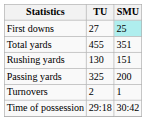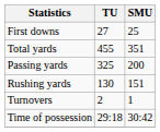 <table class="wikitable" style="float: left;">
 <tr>
 <th>Statistics</th>
 <th>TU</th>
 <th>SMU</th>
 </tr>
 <tr>
 <td>First downs</td>
 <td>27</td>
-<td style="background: paleturquoise;">25</td>
+<td>25</td>
 </tr>
 <tr>
 <td>Total yards</td>
 <td>455</td>
 <td>351</td>
 </tr>
 <tr>
+<td>Passing yards</td>
+<td>325</td>
+<td>200</td>
+</tr>
+<tr>
 <td>Rushing yards</td>
 <td>130</td>
 <td>151</td>
-</tr>
-<tr>
-<td>Passing yards</td>
-<td>325</td>
-<td>200</td>
 </tr>
 <tr>
 <td>Turnovers</td>
 <td>2</td>
 <td>1</td>
 </tr>
 <tr>
 <td>Time of possession</td>
 <td>29:18</td>
 <td>30:42</td>
 </tr>
 <tr>
 </tr>
 </table>
